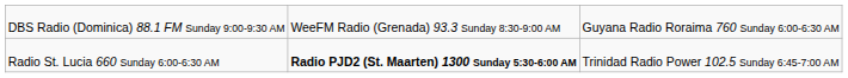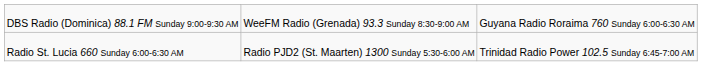 <table class="wikitable">
 <tr>
 <td><br>DBS Radio (Dominica) <em>88.1 FM</em>  <small>Sunday 9:00-9:30 AM</small></td>
 <td><br>WeeFM Radio (Grenada) <em>93.3</em> <small>Sunday 8:30-9:00 AM</small></td>
 <td><br>Guyana Radio Roraima <em>760</em> <small>Sunday 6:00-6:30 AM</small></td>
 </tr>
 <tr>
 <td><br>Radio St. Lucia <em>660</em>  <small>Sunday 6:00-6:30 AM</small></td>
-<td><strong><br>Radio PJD2 (St. Maarten) <em>1300</em> <small>Sunday 5:30-6:00 AM</small></strong></td>
+<td><br>Radio PJD2 (St. Maarten) <em>1300</em> <small>Sunday 5:30-6:00 AM</small></td>
 <td><br>Trinidad Radio Power <em>102.5</em> <small>Sunday 6:45-7:00 AM</small></td>
 </tr>
 </table>
